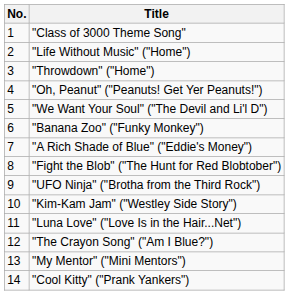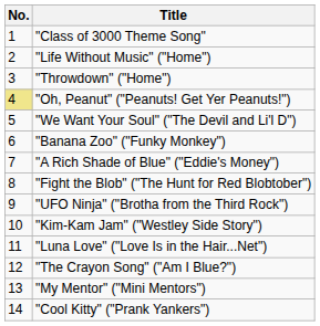 <table class="wikitable">
 <tr>
 <th>No.</th>
 <th>Title</th>
 </tr>
 <tr>
 <td>1</td>
 <td>"Class of 3000 Theme Song"</td>
 </tr>
 <tr>
 <td>2</td>
 <td>"Life Without Music" ("Home")</td>
 </tr>
 <tr>
 <td>3</td>
 <td>"Throwdown" ("Home")</td>
 </tr>
 <tr>
-<td>4</td>
+<td style="background: khaki;">4</td>
 <td>"Oh, Peanut" ("Peanuts! Get Yer Peanuts!")</td>
 </tr>
 <tr>
 <td>5</td>
 <td>"We Want Your Soul" ("The Devil and Li'l D")</td>
 </tr>
 <tr>
 <td>6</td>
 <td>"Banana Zoo" ("Funky Monkey")</td>
 </tr>
 <tr>
 <td>7</td>
 <td>"A Rich Shade of Blue" ("Eddie's Money")</td>
 </tr>
 <tr>
 <td>8</td>
 <td>"Fight the Blob" ("The Hunt for Red Blobtober")</td>
 </tr>
 <tr>
 <td>9</td>
 <td>"UFO Ninja" ("Brotha from the Third Rock")</td>
 </tr>
 <tr>
 <td>10</td>
 <td>"Kim-Kam Jam" ("Westley Side Story")</td>
 </tr>
 <tr>
 <td>11</td>
 <td>"Luna Love" ("Love Is in the Hair...Net")</td>
 </tr>
 <tr>
 <td>12</td>
 <td>"The Crayon Song" ("Am I Blue?")</td>
 </tr>
 <tr>
 <td>13</td>
 <td>"My Mentor" ("Mini Mentors")</td>
 </tr>
 <tr>
 <td>14</td>
 <td>"Cool Kitty" ("Prank Yankers")</td>
 </tr>
 </table>
